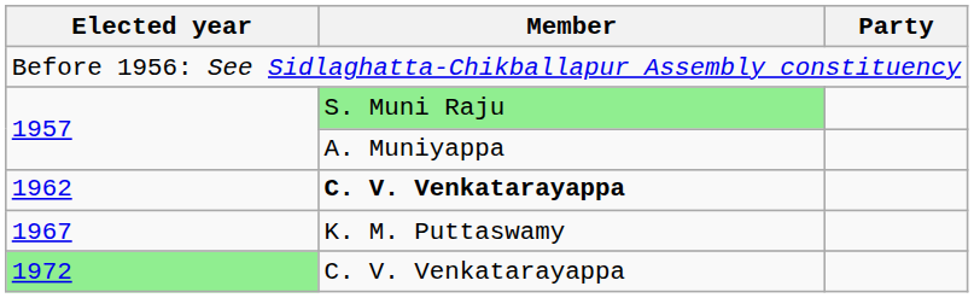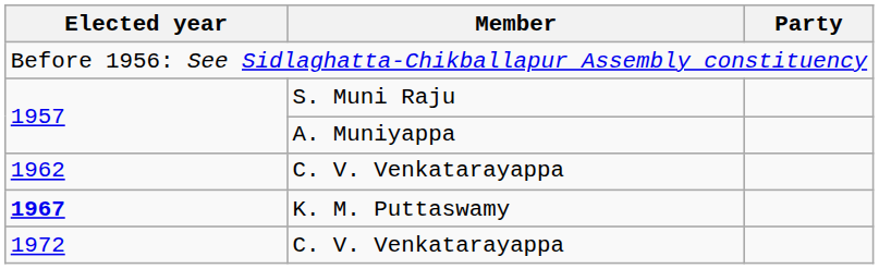 <table class="wikitable sortable">
 <tr>
 <th>Elected year</th>
 <th>Member</th>
 <th colspan=2>Party</th>
 </tr>
 <tr>
 <td colspan=4>Before 1956: <em>See <a href='#'>Sidlaghatta-Chikballapur Assembly constituency</a></em></td>
 </tr>
 <tr>
 <td rowspan="2"><a href='#'>1957</a></td>
-<td style="background: lightgreen;">S. Muni Raju</td>
+<td>S. Muni Raju</td>
 <td></td>
 </tr>
 <tr>
 <td>A. Muniyappa</td>
 </tr>
 <tr>
 <td><a href='#'>1962</a></td>
-<td><strong>C. V. Venkatarayappa</strong></td>
+<td>C. V. Venkatarayappa</td>
 <td></td>
 </tr>
 <tr>
-<td><a href='#'>1967</a></td>
+<td><strong><a href='#'>1967</a></strong></td>
 <td>K. M. Puttaswamy</td>
 <td></td>
 </tr>
 <tr>
-<td style="background: lightgreen;"><a href='#'>1972</a></td>
+<td><a href='#'>1972</a></td>
 <td>C. V. Venkatarayappa</td>
 </tr>
 </table>
